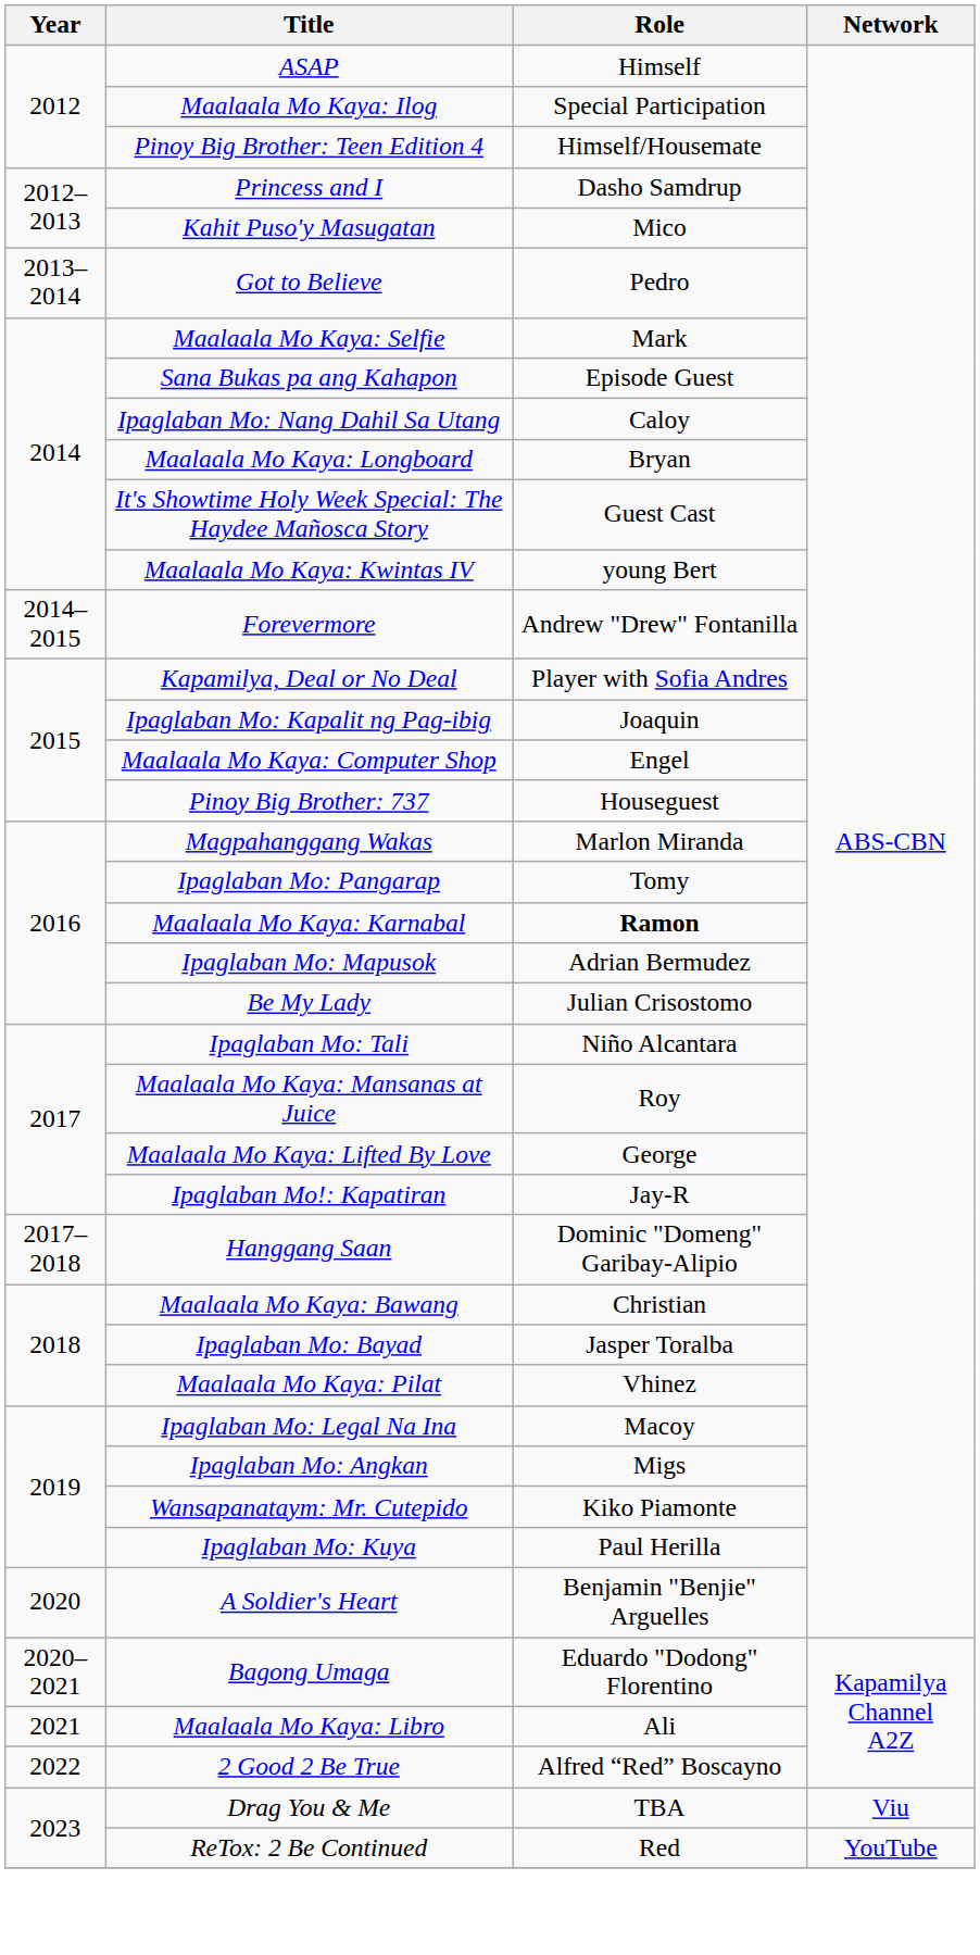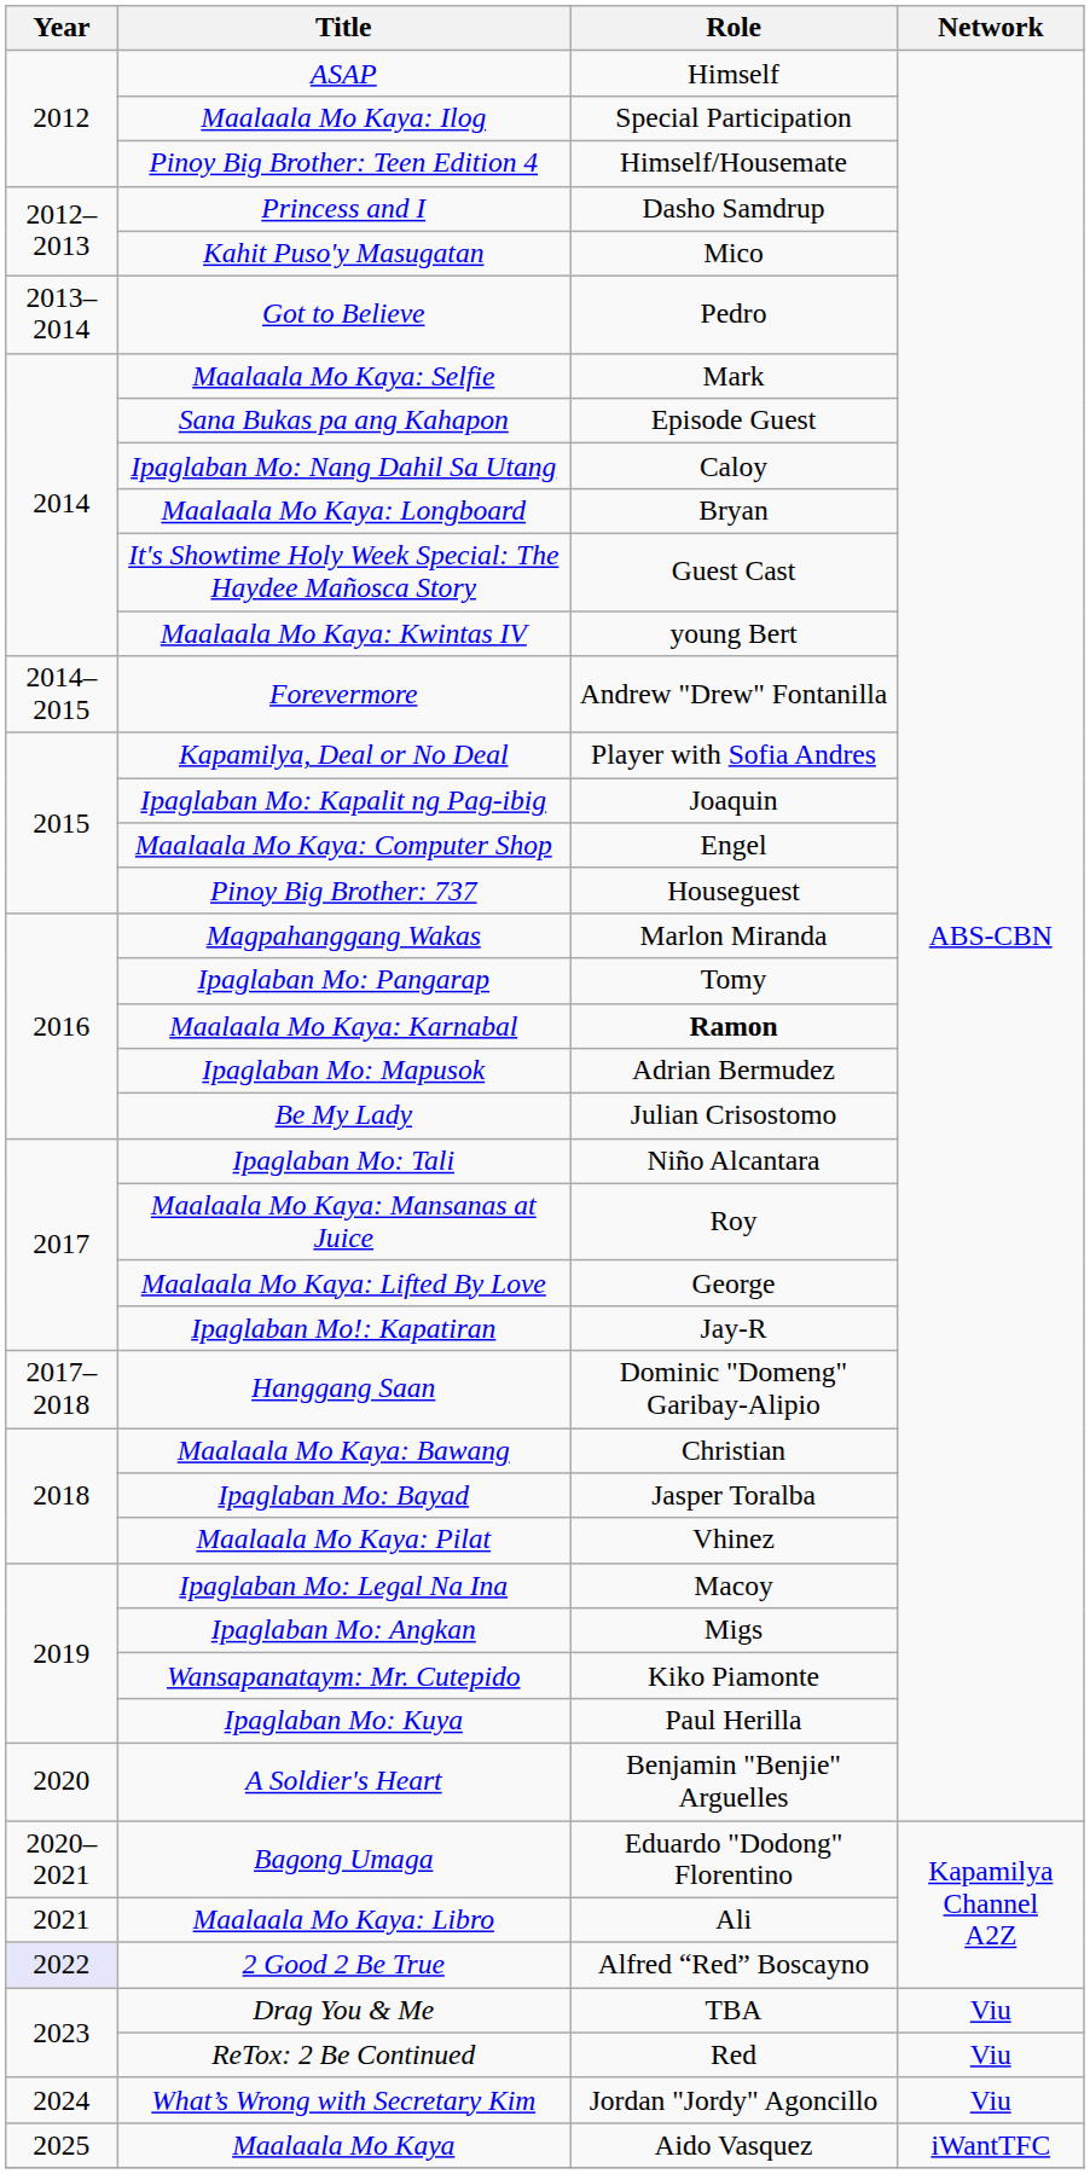 <table class="wikitable" style="text-align:center">
 <tr>
 <th>Year</th>
 <th>Title</th>
 <th>Role</th>
 <th>Network</th>
 </tr>
 <tr>
 <td rowspan=3>2012</td>
 <td><a href='#'><em>ASAP</em></a></td>
 <td>Himself</td>
 <td rowspan=35><a href='#'>ABS-CBN</a></td>
 </tr>
 <tr>
 <td><a href='#'><em>Maalaala Mo Kaya: Ilog</em></a></td>
 <td>Special Participation</td>
 </tr>
 <tr>
 <td><em><a href='#'>Pinoy Big Brother: Teen Edition 4</a></em></td>
 <td>Himself/Housemate</td>
 </tr>
 <tr>
 <td rowspan=2>2012–2013</td>
 <td><em><a href='#'>Princess and I</a></em></td>
 <td>Dasho Samdrup</td>
 </tr>
 <tr>
 <td><em><a href='#'>Kahit Puso'y Masugatan</a></em></td>
 <td>Mico</td>
 </tr>
 <tr>
 <td>2013–2014</td>
 <td><em><a href='#'>Got to Believe</a></em></td>
 <td>Pedro</td>
 </tr>
 <tr>
 <td rowspan=6>2014</td>
 <td><a href='#'><em>Maalaala Mo Kaya: Selfie</em></a></td>
 <td>Mark</td>
 </tr>
 <tr>
 <td><em><a href='#'>Sana Bukas pa ang Kahapon</a></em></td>
 <td>Episode Guest</td>
 </tr>
 <tr>
 <td><a href='#'><em>Ipaglaban Mo: Nang Dahil Sa Utang</em></a></td>
 <td>Caloy</td>
 </tr>
 <tr>
 <td><a href='#'><em>Maalaala Mo Kaya: Longboard</em></a></td>
 <td>Bryan</td>
 </tr>
 <tr>
 <td><a href='#'><em>It's Showtime Holy Week Special: The Haydee Mañosca Story</em></a></td>
 <td>Guest Cast</td>
 </tr>
 <tr>
 <td><a href='#'><em>Maalaala Mo Kaya: Kwintas IV</em></a></td>
 <td>young Bert</td>
 </tr>
 <tr>
 <td>2014–2015</td>
 <td><a href='#'><em>Forevermore</em></a></td>
 <td>Andrew "Drew" Fontanilla</td>
 </tr>
 <tr>
 <td rowspan=4>2015</td>
 <td><em><a href='#'>Kapamilya, Deal or No Deal</a></em></td>
 <td>Player with <a href='#'>Sofia Andres</a></td>
 </tr>
 <tr>
 <td><a href='#'><em>Ipaglaban Mo: Kapalit ng Pag-ibig</em></a></td>
 <td>Joaquin</td>
 </tr>
 <tr>
 <td><a href='#'><em>Maalaala Mo Kaya: Computer Shop</em></a></td>
 <td>Engel</td>
 </tr>
 <tr>
 <td><em><a href='#'>Pinoy Big Brother: 737</a></em></td>
 <td>Houseguest</td>
 </tr>
 <tr>
 <td rowspan=5>2016</td>
 <td><em><a href='#'>Magpahanggang Wakas</a></em></td>
 <td>Marlon Miranda</td>
 </tr>
 <tr>
 <td><a href='#'><em>Ipaglaban Mo: Pangarap</em></a></td>
 <td>Tomy</td>
 </tr>
 <tr>
 <td><a href='#'><em>Maalaala Mo Kaya: Karnabal</em></a></td>
 <td><strong>Ramon</strong></td>
 </tr>
 <tr>
 <td><a href='#'><em>Ipaglaban Mo: Mapusok</em></a></td>
 <td>Adrian Bermudez</td>
 </tr>
 <tr>
 <td><em><a href='#'>Be My Lady</a></em></td>
 <td>Julian Crisostomo</td>
 </tr>
 <tr>
 <td rowspan=4>2017</td>
 <td><a href='#'><em>Ipaglaban Mo: Tali</em></a></td>
 <td>Niño Alcantara</td>
 </tr>
 <tr>
 <td><a href='#'><em>Maalaala Mo Kaya: Mansanas at Juice</em></a></td>
 <td>Roy</td>
 </tr>
 <tr>
 <td><a href='#'><em>Maalaala Mo Kaya: Lifted By Love</em></a></td>
 <td>George</td>
 </tr>
 <tr>
 <td><a href='#'><em>Ipaglaban Mo!: Kapatiran</em></a></td>
 <td>Jay-R</td>
 </tr>
 <tr>
 <td>2017–2018</td>
 <td><em><a href='#'>Hanggang Saan</a></em></td>
 <td>Dominic "Domeng" Garibay-Alipio</td>
 </tr>
 <tr>
 <td rowspan=3>2018</td>
 <td><a href='#'><em>Maalaala Mo Kaya: Bawang</em></a></td>
 <td>Christian</td>
 </tr>
 <tr>
 <td><a href='#'><em>Ipaglaban Mo: Bayad</em></a></td>
 <td>Jasper Toralba</td>
 </tr>
 <tr>
 <td><a href='#'><em>Maalaala Mo Kaya: Pilat</em></a></td>
 <td>Vhinez</td>
 </tr>
 <tr>
 <td rowspan=4>2019</td>
 <td><a href='#'><em>Ipaglaban Mo: Legal Na Ina</em></a></td>
 <td>Macoy</td>
 </tr>
 <tr>
 <td><a href='#'><em>Ipaglaban Mo: Angkan</em></a></td>
 <td>Migs</td>
 </tr>
 <tr>
 <td><a href='#'><em>Wansapanataym: Mr. Cutepido</em></a></td>
 <td>Kiko Piamonte</td>
 </tr>
 <tr>
 <td><a href='#'><em>Ipaglaban Mo: Kuya</em></a></td>
 <td>Paul Herilla</td>
 </tr>
 <tr>
 <td>2020</td>
 <td><em><a href='#'>A Soldier's Heart</a></em></td>
 <td>Benjamin "Benjie" Arguelles</td>
 </tr>
 <tr>
 <td>2020–2021</td>
 <td><em><a href='#'>Bagong Umaga</a></em></td>
 <td>Eduardo "Dodong" Florentino</td>
 <td rowspan=3><a href='#'>Kapamilya Channel</a> <br> <a href='#'>A2Z</a></td>
 </tr>
 <tr>
 <td>2021</td>
 <td><a href='#'><em>Maalaala Mo Kaya: Libro</em></a></td>
 <td>Ali</td>
 </tr>
 <tr>
-<td>2022</td>
+<td style="background: lavender;">2022</td>
 <td><em><a href='#'>2 Good 2 Be True</a></em></td>
 <td>Alfred “Red” Boscayno</td>
 </tr>
 <tr>
 <td rowspan=2>2023</td>
 <td><em>Drag You & Me</em></td>
 <td>TBA</td>
 <td><a href='#'>Viu</a></td>
 </tr>
 <tr>
 <td><em>ReTox: 2 Be Continued</em></td>
 <td>Red</td>
-<td><a href='#'>YouTube</a></td>
+<td><a href='#'>Viu</a></td>
+</tr>
+<tr>
+<td>2024</td>
+<td><em><a href='#'>What’s Wrong with Secretary Kim</a></em></td>
+<td>Jordan "Jordy" Agoncillo</td>
+<td><a href='#'>Viu</a></td>
+</tr>
+<tr>
+<td>2025</td>
+<td><em><a href='#'>Maalaala Mo Kaya</a></em></td>
+<td>Aido Vasquez</td>
+<td><a href='#'>iWantTFC</a></td>
 </tr>
 <tr>
 </tr>
 </table>
